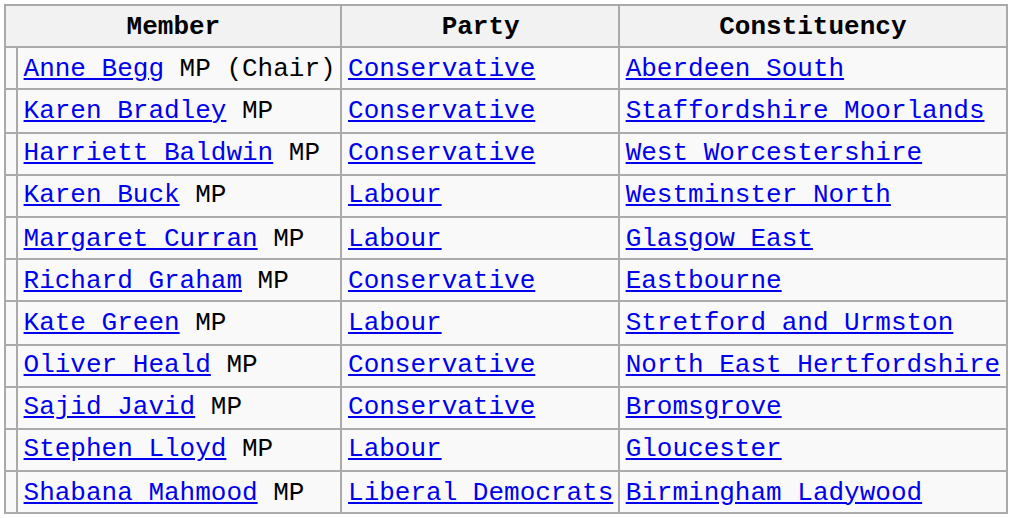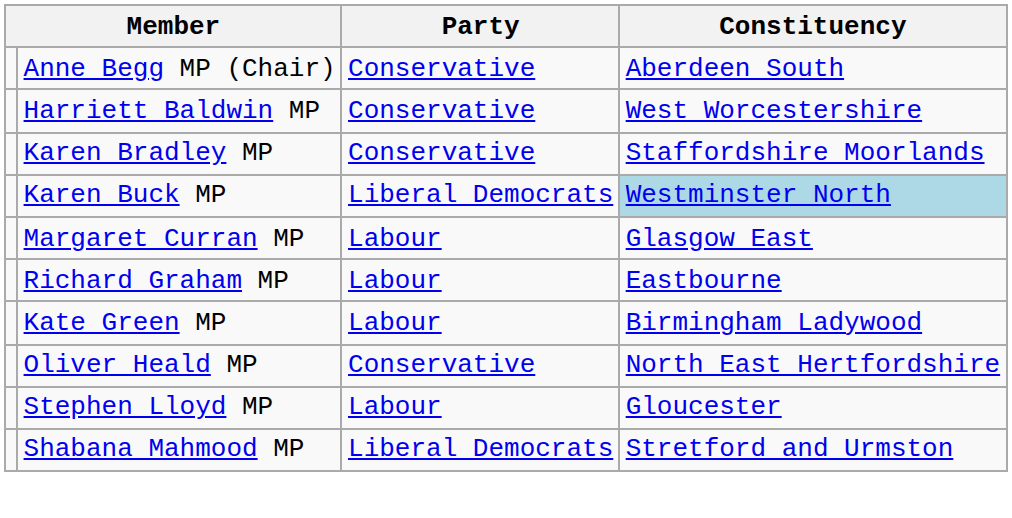 <table class="wikitable">
 <tr>
 <th colspan="2" valign="top">Member</th>
 <th valign="top">Party</th>
 <th valign="top">Constituency</th>
 </tr>
 <tr>
 <td style="color:inherit;background:"></td>
 <td><a href='#'>Anne Begg</a> MP (Chair)</td>
 <td><a href='#'>Conservative</a></td>
 <td><a href='#'>Aberdeen South</a></td>
 </tr>
 <tr>
 <td style="color:inherit;background:"></td>
+<td><a href='#'>Harriett Baldwin</a> MP</td>
+<td><a href='#'>Conservative</a></td>
+<td><a href='#'>West Worcestershire</a></td>
+</tr>
+<tr>
+<td style="color:inherit;background:"></td>
 <td><a href='#'>Karen Bradley</a> MP</td>
 <td><a href='#'>Conservative</a></td>
 <td><a href='#'>Staffordshire Moorlands</a></td>
 </tr>
 <tr>
 <td style="color:inherit;background:"></td>
-<td><a href='#'>Harriett Baldwin</a> MP</td>
-<td><a href='#'>Conservative</a></td>
-<td><a href='#'>West Worcestershire</a></td>
-</tr>
-<tr>
-<td style="color:inherit;background:"></td>
 <td><a href='#'>Karen Buck</a> MP</td>
-<td><a href='#'>Labour</a></td>
-<td><a href='#'>Westminster North</a></td>
+<td><a href='#'>Liberal Democrats</a></td>
+<td style="background: lightblue;"><a href='#'>Westminster North</a></td>
 </tr>
 <tr>
 <td style="color:inherit;background:"></td>
 <td><a href='#'>Margaret Curran</a> MP</td>
 <td><a href='#'>Labour</a></td>
 <td><a href='#'>Glasgow East</a></td>
 </tr>
 <tr>
 <td style="color:inherit;background:"></td>
 <td><a href='#'>Richard Graham</a> MP</td>
-<td><a href='#'>Conservative</a></td>
+<td><a href='#'>Labour</a></td>
 <td><a href='#'>Eastbourne</a></td>
 </tr>
 <tr>
 <td style="color:inherit;background:"></td>
 <td><a href='#'>Kate Green</a> MP</td>
 <td><a href='#'>Labour</a></td>
-<td><a href='#'>Stretford and Urmston</a></td>
+<td><a href='#'>Birmingham Ladywood</a></td>
 </tr>
 <tr>
 <td style="color:inherit;background:"></td>
 <td><a href='#'>Oliver Heald</a> MP</td>
 <td><a href='#'>Conservative</a></td>
 <td><a href='#'>North East Hertfordshire</a></td>
-</tr>
-<tr>
-<td style="color:inherit;background:"></td>
-<td><a href='#'>Sajid Javid</a> MP</td>
-<td><a href='#'>Conservative</a></td>
-<td><a href='#'>Bromsgrove</a></td>
 </tr>
 <tr>
 <td style="color:inherit;background:"></td>
 <td><a href='#'>Stephen Lloyd</a> MP</td>
 <td><a href='#'>Labour</a></td>
 <td><a href='#'>Gloucester</a></td>
 </tr>
 <tr>
 <td style="color:inherit;background:"></td>
 <td><a href='#'>Shabana Mahmood</a> MP</td>
 <td><a href='#'>Liberal Democrats</a></td>
-<td><a href='#'>Birmingham Ladywood</a></td>
+<td><a href='#'>Stretford and Urmston</a></td>
 </tr>
 </table>
